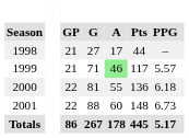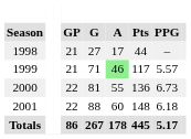 <table BORDER="0" CELLPADDING="3" CELLSPACING="0">
 <tr ALIGN="center" bgcolor="#e0e0e0">
 <th colspan="1" bgcolor="#ffffff"> </th>
 <th rowspan="99" bgcolor="#ffffff"> </th>
 <th rowspan="99" bgcolor="#ffffff"> </th>
 </tr>
 <tr ALIGN="center" bgcolor="#e0e0e0">
 <th>Season</th>
 <th>GP</th>
 <th>G</th>
 <th>A</th>
 <th>Pts</th>
 <th>PPG</th>
 <th></th>
 </tr>
 <tr ALIGN="center" bgcolor="#f0f0f0">
 <td>1998</td>
 <td>21</td>
 <td>27</td>
 <td>17</td>
 <td>44</td>
 <td>–</td>
 <td></td>
 </tr>
 <tr ALIGN="center">
 <td>1999</td>
 <td>21</td>
 <td>71</td>
 <td style="background: lightgreen;">46</td>
 <td>117</td>
 <td>5.57</td>
 <td></td>
 </tr>
 <tr ALIGN="center" bgcolor="#f0f0f0">
 <td>2000</td>
 <td>22</td>
 <td>81</td>
 <td>55</td>
 <td>136</td>
-<td>6.18</td>
+<td>6.73</td>
 <td></td>
 </tr>
 <tr ALIGN="center">
 <td>2001</td>
 <td>22</td>
 <td>88</td>
 <td>60</td>
 <td>148</td>
-<td>6.73</td>
+<td>6.18</td>
 <td></td>
 </tr>
 <tr ALIGN="center"  bgcolor="#e0e0e0">
 <th colspan="1.5">Totals</th>
 <th>86</th>
 <th>267</th>
 <th>178</th>
 <th>445</th>
 <th>5.17</th>
 <th></th>
 </tr>
 </table>
